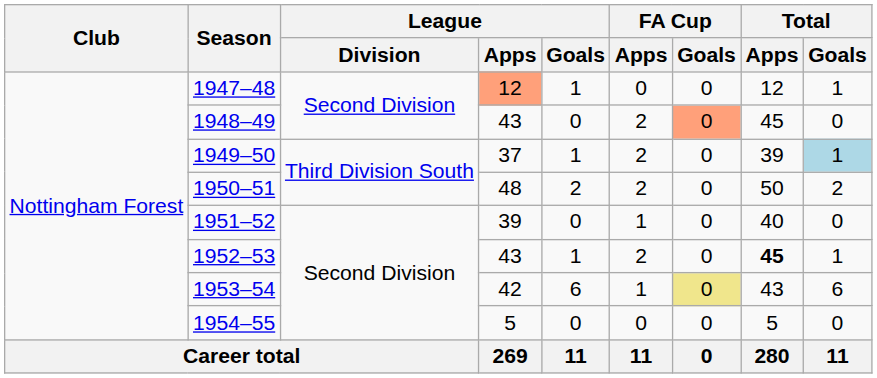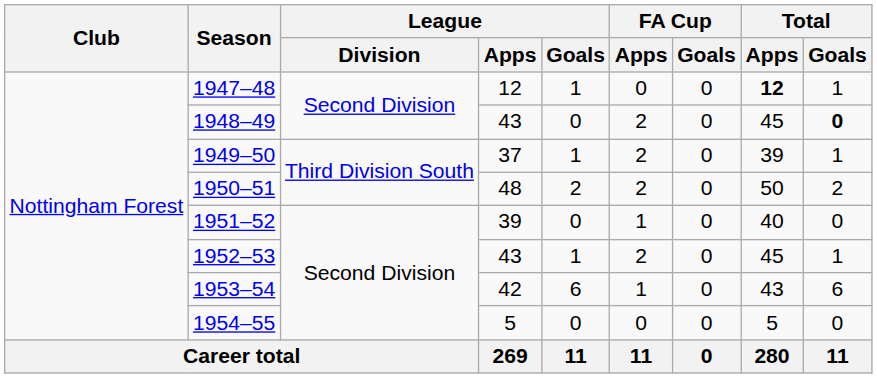 <table class="wikitable" style="text-align: center">
 <tr>
 <th rowspan="2">Club</th>
 <th rowspan="2">Season</th>
 <th colspan="3">League</th>
 <th colspan="2">FA Cup</th>
 <th colspan="2">Total</th>
 </tr>
 <tr>
 <th>Division</th>
 <th>Apps</th>
 <th>Goals</th>
 <th>Apps</th>
 <th>Goals</th>
 <th>Apps</th>
 <th>Goals</th>
 </tr>
 <tr>
 <td rowspan="8"><a href='#'>Nottingham Forest</a></td>
 <td><a href='#'>1947–48</a></td>
 <td rowspan="2"><a href='#'>Second Division</a></td>
-<td style="background: lightsalmon;">12</td>
+<td>12</td>
 <td>1</td>
 <td>0</td>
 <td>0</td>
-<td>12</td>
+<td><strong>12</strong></td>
 <td>1</td>
 </tr>
 <tr>
 <td><a href='#'>1948–49</a></td>
 <td>43</td>
 <td>0</td>
 <td>2</td>
-<td style="background: lightsalmon;">0</td>
+<td>0</td>
 <td>45</td>
-<td>0</td>
+<td><strong>0</strong></td>
 </tr>
 <tr>
 <td><a href='#'>1949–50</a></td>
 <td rowspan="2"><a href='#'>Third Division South</a></td>
 <td>37</td>
 <td>1</td>
 <td>2</td>
 <td>0</td>
 <td>39</td>
-<td style="background: lightblue;">1</td>
+<td>1</td>
 </tr>
 <tr>
 <td><a href='#'>1950–51</a></td>
 <td>48</td>
 <td>2</td>
 <td>2</td>
 <td>0</td>
 <td>50</td>
 <td>2</td>
 </tr>
 <tr>
 <td><a href='#'>1951–52</a></td>
 <td rowspan="4">Second Division</td>
 <td>39</td>
 <td>0</td>
 <td>1</td>
 <td>0</td>
 <td>40</td>
 <td>0</td>
 </tr>
 <tr>
 <td><a href='#'>1952–53</a></td>
 <td>43</td>
 <td>1</td>
 <td>2</td>
 <td>0</td>
-<td><strong>45</strong></td>
+<td>45</td>
 <td>1</td>
 </tr>
 <tr>
 <td><a href='#'>1953–54</a></td>
 <td>42</td>
 <td>6</td>
 <td>1</td>
-<td style="background: khaki;">0</td>
+<td>0</td>
 <td>43</td>
 <td>6</td>
 </tr>
 <tr>
 <td><a href='#'>1954–55</a></td>
 <td>5</td>
 <td>0</td>
 <td>0</td>
 <td>0</td>
 <td>5</td>
 <td>0</td>
 </tr>
 <tr>
 <th colspan="3">Career total</th>
 <th>269</th>
 <th>11</th>
 <th>11</th>
 <th>0</th>
 <th>280</th>
 <th>11</th>
 </tr>
 </table>
